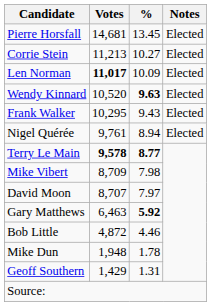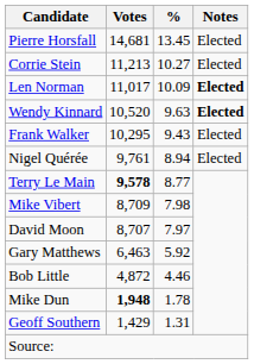 <table class=wikitable style=text-align:right>
 <tr>
 <th>Candidate</th>
 <th>Votes</th>
 <th>%</th>
 <th>Notes</th>
 </tr>
 <tr>
 <td align=left><a href='#'>Pierre Horsfall</a></td>
 <td>14,681</td>
 <td>13.45</td>
 <td align=left>Elected</td>
 </tr>
 <tr>
 <td align=left><a href='#'>Corrie Stein</a></td>
 <td>11,213</td>
 <td>10.27</td>
 <td align=left>Elected</td>
 </tr>
 <tr>
 <td align=left><a href='#'>Len Norman</a></td>
-<td><strong>11,017</strong></td>
+<td>11,017</td>
 <td>10.09</td>
-<td align=left>Elected</td>
+<td align=left><strong>Elected</strong></td>
 </tr>
 <tr>
 <td align=left><a href='#'>Wendy Kinnard</a></td>
 <td>10,520</td>
-<td><strong>9.63</strong></td>
-<td align=left>Elected</td>
+<td>9.63</td>
+<td align=left><strong>Elected</strong></td>
 </tr>
 <tr>
 <td align=left><a href='#'>Frank Walker</a></td>
 <td>10,295</td>
 <td>9.43</td>
 <td align=left>Elected</td>
 </tr>
 <tr>
 <td align=left>Nigel Quérée</td>
 <td>9,761</td>
 <td>8.94</td>
 <td align=left>Elected</td>
 </tr>
 <tr>
 <td align=left><a href='#'>Terry Le Main</a></td>
 <td><strong>9,578</strong></td>
-<td><strong>8.77</strong></td>
+<td>8.77</td>
 </tr>
 <tr>
 <td align=left><a href='#'>Mike Vibert</a></td>
 <td>8,709</td>
 <td>7.98</td>
 </tr>
 <tr>
 <td align=left>David Moon</td>
 <td>8,707</td>
 <td>7.97</td>
 </tr>
 <tr>
 <td align=left>Gary Matthews</td>
 <td>6,463</td>
-<td><strong>5.92</strong></td>
+<td>5.92</td>
 </tr>
 <tr>
 <td align=left>Bob Little</td>
 <td>4,872</td>
 <td>4.46</td>
 </tr>
 <tr>
 <td align=left>Mike Dun</td>
-<td>1,948</td>
+<td><strong>1,948</strong></td>
 <td>1.78</td>
 </tr>
 <tr>
 <td align=left><a href='#'>Geoff Southern</a></td>
 <td>1,429</td>
 <td>1.31</td>
 </tr>
 <tr>
 <td align=left colspan=4>Source:</td>
 </tr>
 </table>
